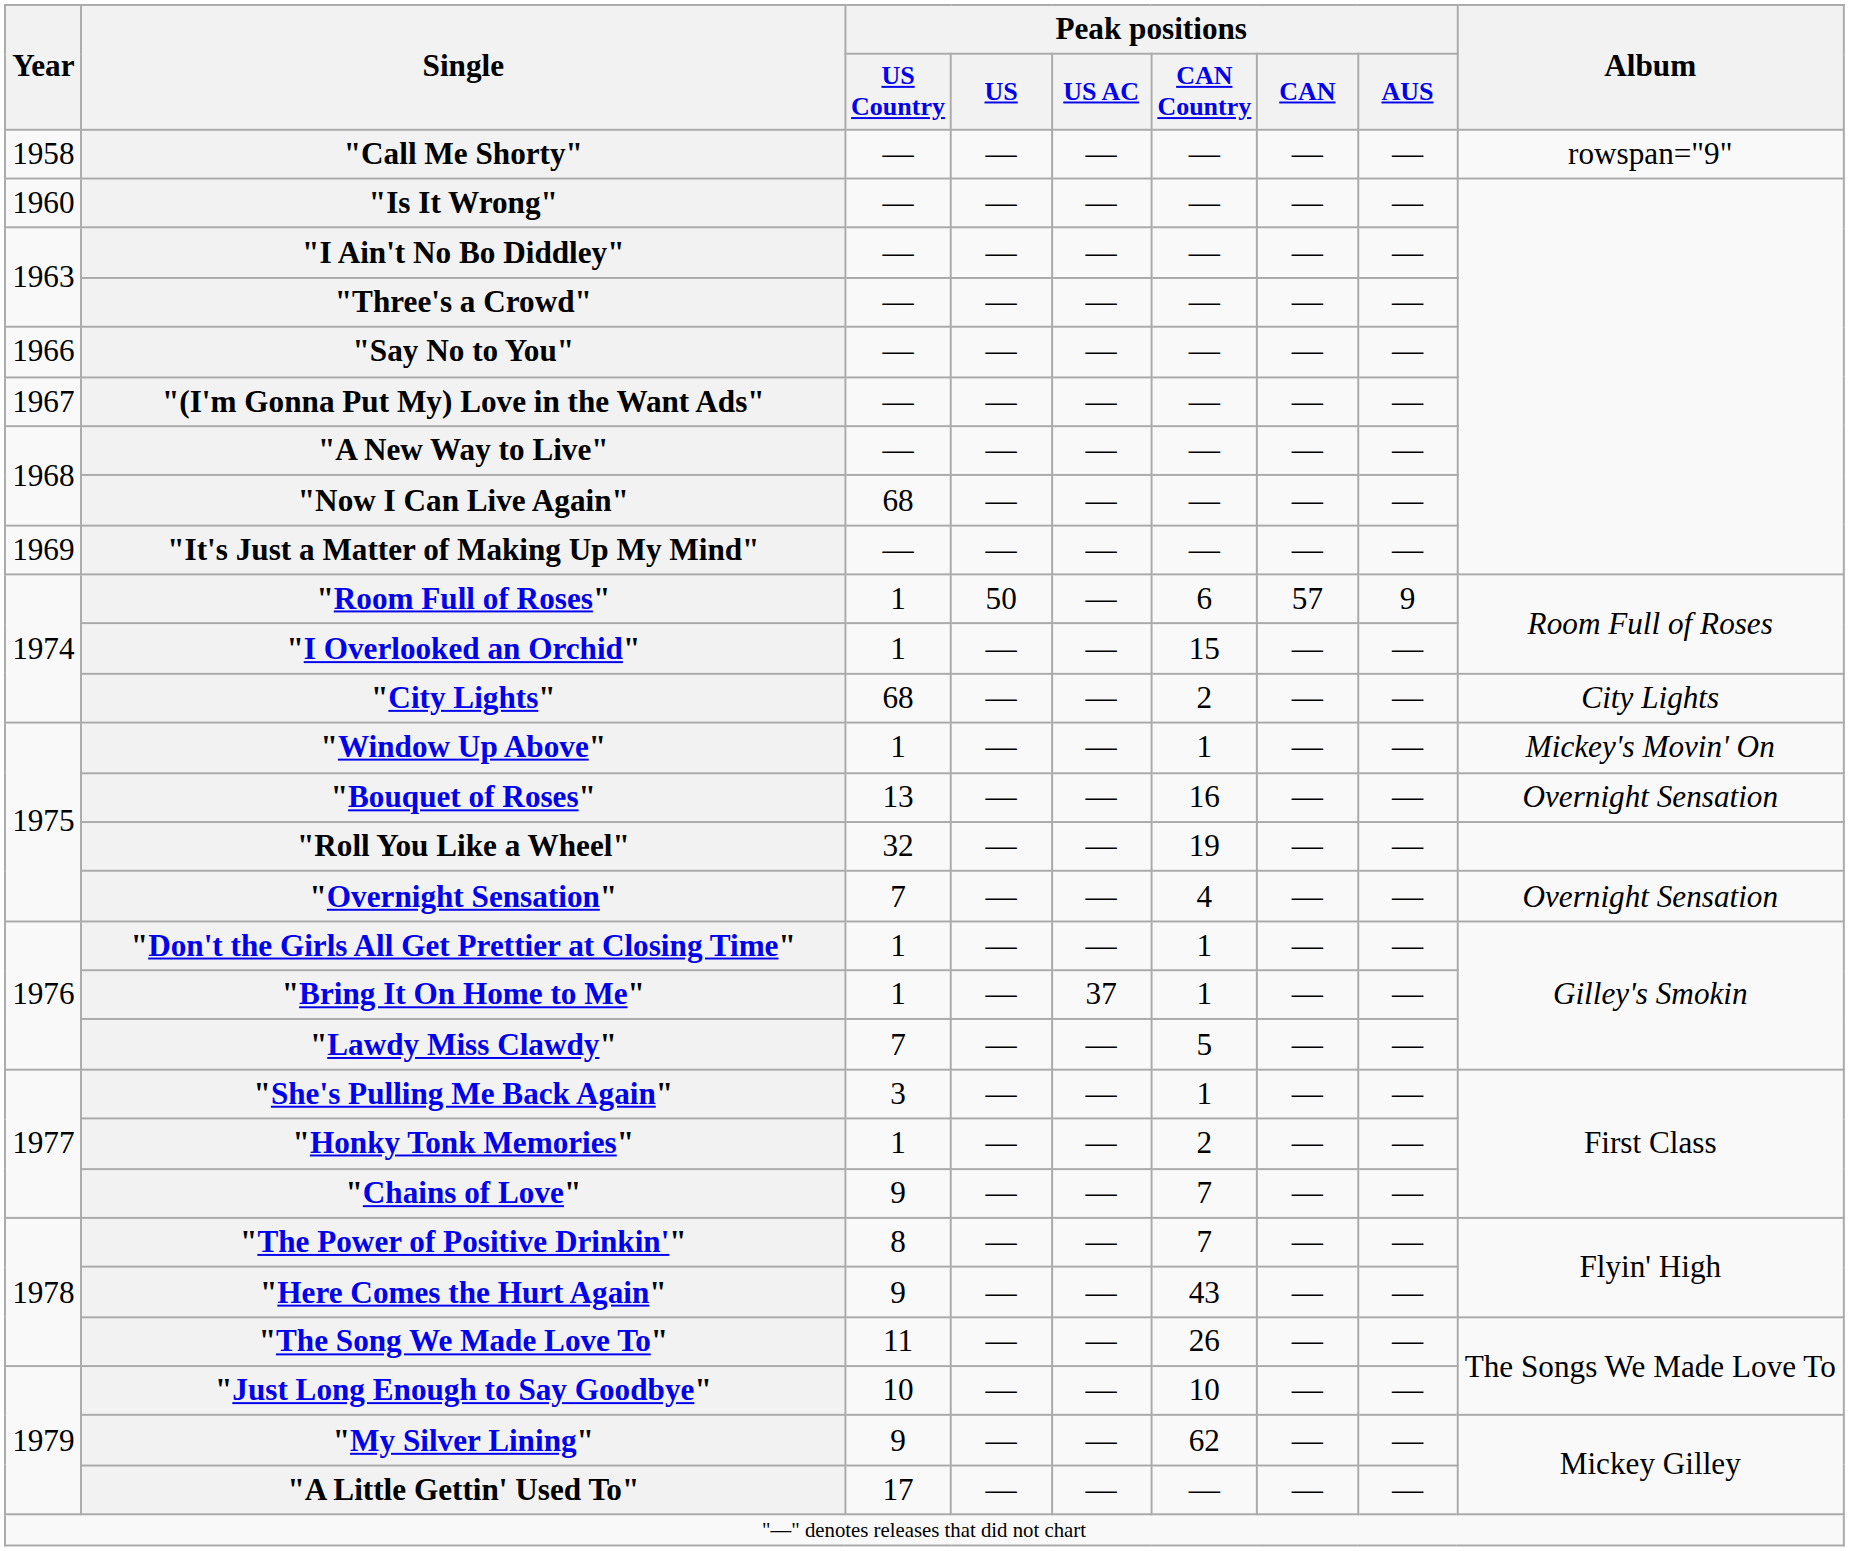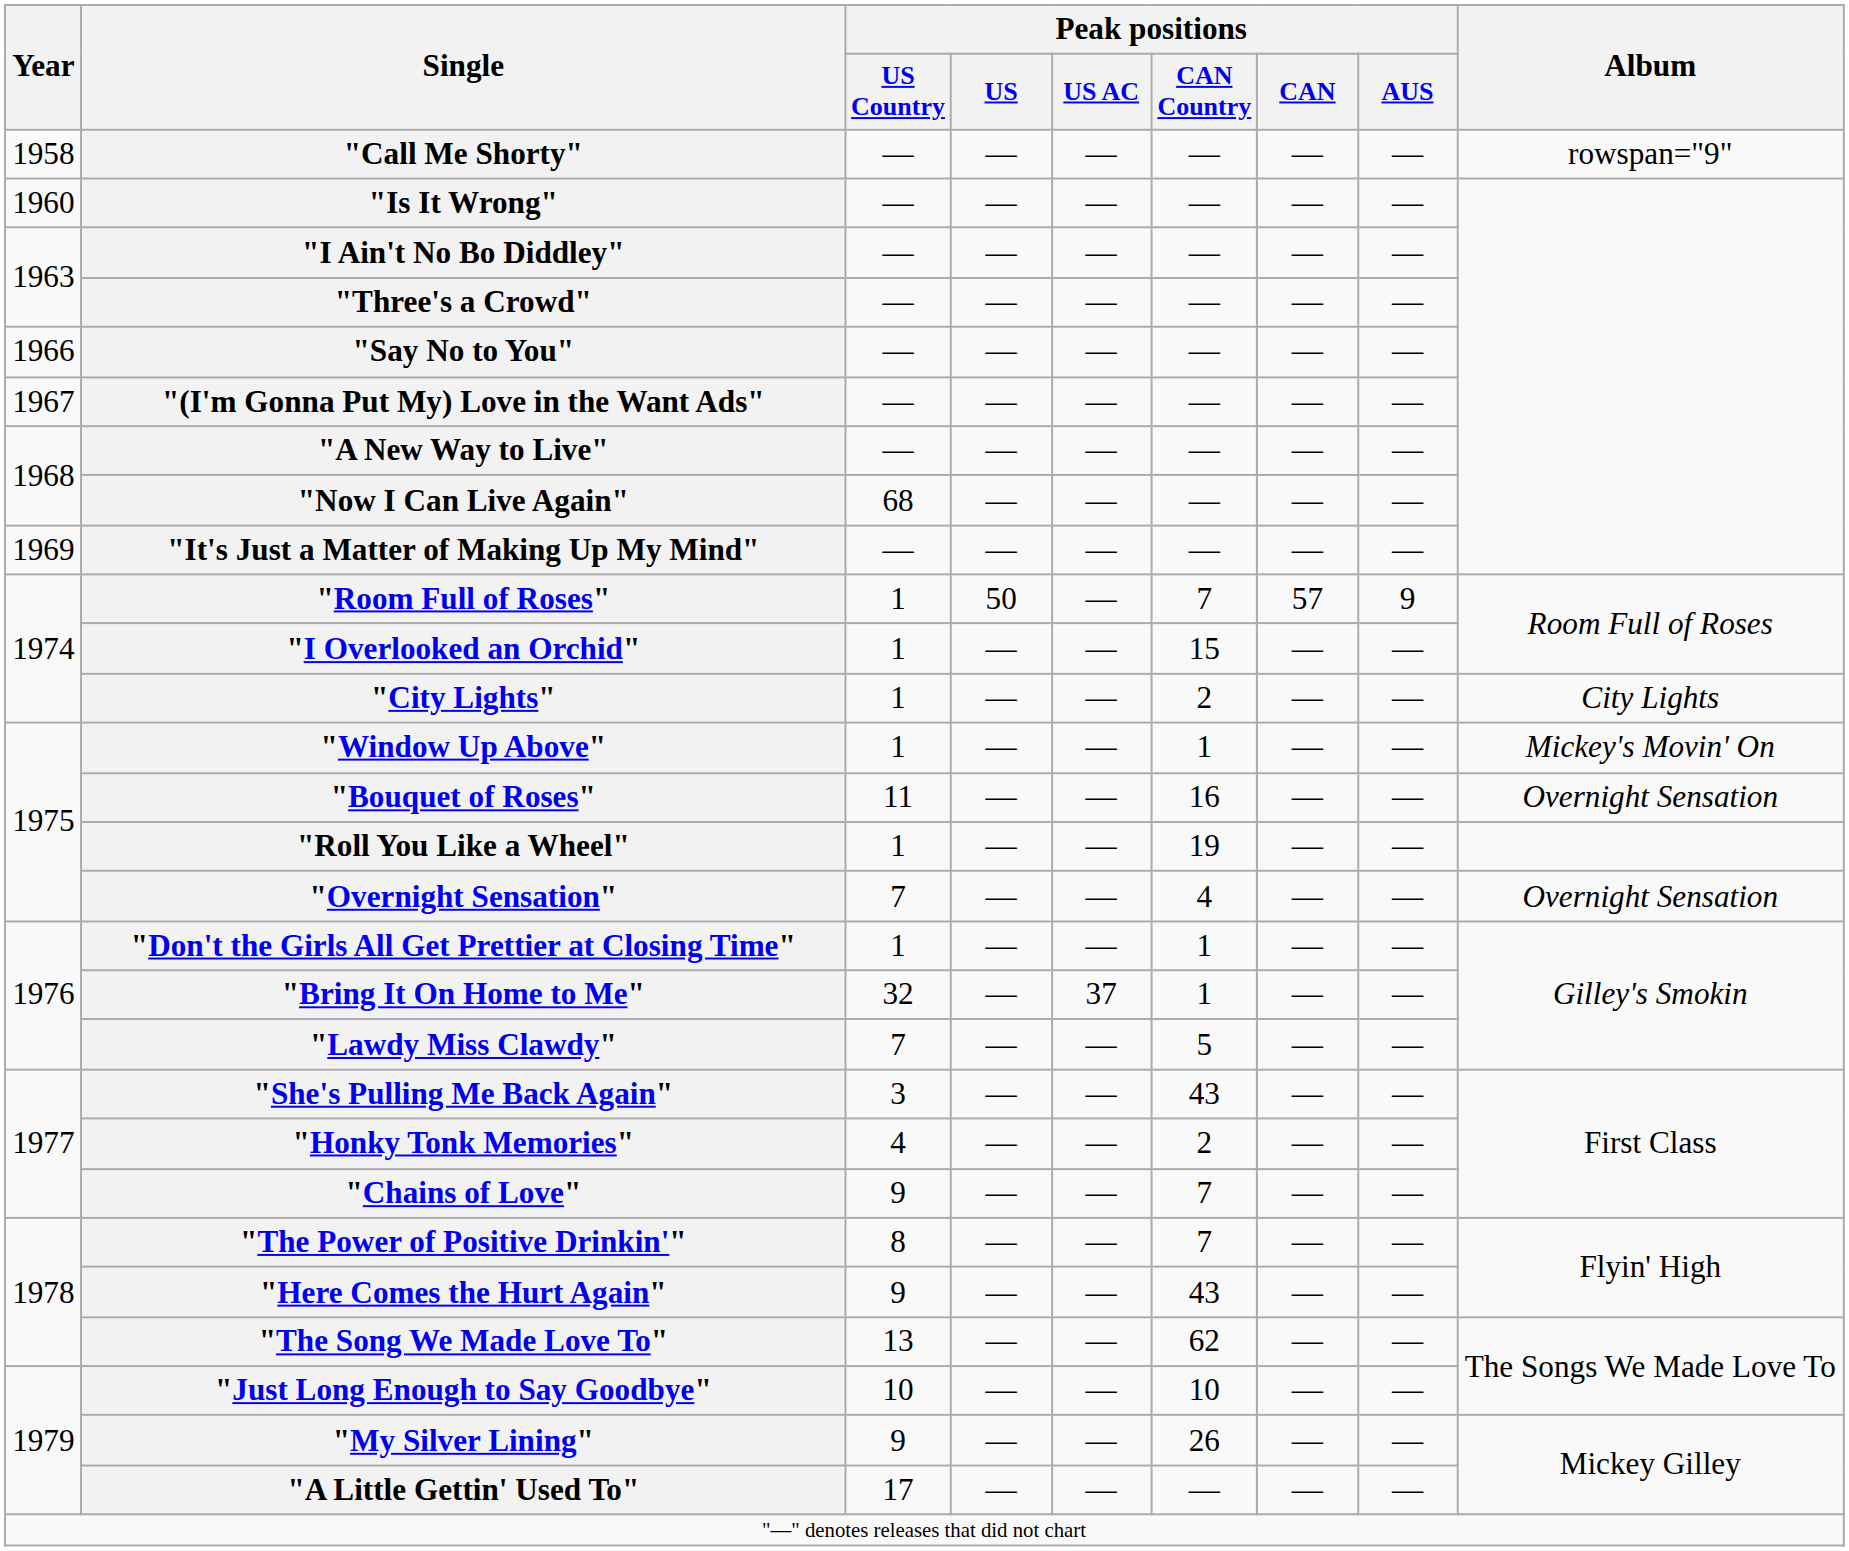 <table class="wikitable plainrowheaders" style="text-align:center;">
 <tr>
 <th rowspan="2">Year</th>
 <th rowspan="2" style="width:24em;">Single</th>
 <th colspan="6">Peak positions</th>
 <th rowspan="2">Album</th>
 </tr>
 <tr style="font-size:smaller;">
 <th width="45"><a href='#'>US Country</a><br></th>
 <th width="45"><a href='#'>US</a><br></th>
 <th width="45"><a href='#'>US AC</a><br></th>
 <th width="45"><a href='#'>CAN Country</a><br></th>
 <th width="45"><a href='#'>CAN</a><br></th>
 <th width="45"><a href='#'>AUS</a><br></th>
 </tr>
 <tr>
 <td>1958</td>
 <th scope="row">"Call Me Shorty"</th>
 <td>—</td>
 <td>—</td>
 <td>—</td>
 <td>—</td>
 <td>—</td>
 <td>—</td>
 <td>rowspan="9" </td>
 </tr>
 <tr>
 <td>1960</td>
 <th scope="row">"Is It Wrong"</th>
 <td>—</td>
 <td>—</td>
 <td>—</td>
 <td>—</td>
 <td>—</td>
 <td>—</td>
 </tr>
 <tr>
 <td rowspan="2">1963</td>
 <th scope="row">"I Ain't No Bo Diddley"</th>
 <td>—</td>
 <td>—</td>
 <td>—</td>
 <td>—</td>
 <td>—</td>
 <td>—</td>
 </tr>
 <tr>
 <th scope="row">"Three's a Crowd"</th>
 <td>—</td>
 <td>—</td>
 <td>—</td>
 <td>—</td>
 <td>—</td>
 <td>—</td>
 </tr>
 <tr>
 <td>1966</td>
 <th scope="row">"Say No to You"</th>
 <td>—</td>
 <td>—</td>
 <td>—</td>
 <td>—</td>
 <td>—</td>
 <td>—</td>
 </tr>
 <tr>
 <td>1967</td>
 <th scope="row">"(I'm Gonna Put My) Love in the Want Ads"</th>
 <td>—</td>
 <td>—</td>
 <td>—</td>
 <td>—</td>
 <td>—</td>
 <td>—</td>
 </tr>
 <tr>
 <td rowspan="2">1968</td>
 <th scope="row">"A New Way to Live"</th>
 <td>—</td>
 <td>—</td>
 <td>—</td>
 <td>—</td>
 <td>—</td>
 <td>—</td>
 </tr>
 <tr>
 <th scope="row">"Now I Can Live Again"</th>
 <td>68</td>
 <td>—</td>
 <td>—</td>
 <td>—</td>
 <td>—</td>
 <td>—</td>
 </tr>
 <tr>
 <td>1969</td>
 <th scope="row">"It's Just a Matter of Making Up My Mind"</th>
 <td>—</td>
 <td>—</td>
 <td>—</td>
 <td>—</td>
 <td>—</td>
 <td>—</td>
 </tr>
 <tr>
 <td rowspan="3">1974</td>
 <th scope="row">"<a href='#'>Room Full of Roses</a>"</th>
 <td>1</td>
 <td>50</td>
 <td>—</td>
-<td>6</td>
+<td>7</td>
 <td>57</td>
 <td>9</td>
 <td rowspan="2"><em>Room Full of Roses</em></td>
 </tr>
 <tr>
 <th scope="row">"<a href='#'>I Overlooked an Orchid</a>"</th>
 <td>1</td>
 <td>—</td>
 <td>—</td>
 <td>15</td>
 <td>—</td>
 <td>—</td>
 </tr>
 <tr>
 <th scope="row">"<a href='#'>City Lights</a>"</th>
-<td>68</td>
+<td>1</td>
 <td>—</td>
 <td>—</td>
 <td>2</td>
 <td>—</td>
 <td>—</td>
 <td><em>City Lights</em></td>
 </tr>
 <tr>
 <td rowspan="4">1975</td>
 <th scope="row">"<a href='#'>Window Up Above</a>"</th>
 <td>1</td>
 <td>—</td>
 <td>—</td>
 <td>1</td>
 <td>—</td>
 <td>—</td>
 <td><em>Mickey's Movin' On</em></td>
 </tr>
 <tr>
 <th scope="row">"<a href='#'>Bouquet of Roses</a>"</th>
-<td>13</td>
+<td>11</td>
 <td>—</td>
 <td>—</td>
 <td>16</td>
 <td>—</td>
 <td>—</td>
 <td><em>Overnight Sensation</em></td>
 </tr>
 <tr>
 <th scope="row">"Roll You Like a Wheel" </th>
-<td>32</td>
+<td>1</td>
 <td>—</td>
 <td>—</td>
 <td>19</td>
 <td>—</td>
 <td>—</td>
 <td></td>
 </tr>
 <tr>
 <th scope="row">"<a href='#'>Overnight Sensation</a>"</th>
 <td>7</td>
 <td>—</td>
 <td>—</td>
 <td>4</td>
 <td>—</td>
 <td>—</td>
 <td><em>Overnight Sensation</em></td>
 </tr>
 <tr>
 <td rowspan="3">1976</td>
 <th scope="row">"<a href='#'>Don't the Girls All Get Prettier at Closing Time</a>"</th>
 <td>1</td>
 <td>—</td>
 <td>—</td>
 <td>1</td>
 <td>—</td>
 <td>—</td>
 <td rowspan="3"><em>Gilley's Smokin<strong></td>
 </tr>
 <tr>
 <th scope="row">"<a href='#'>Bring It On Home to Me</a>"</th>
-<td>1</td>
+<td>32</td>
 <td>—</td>
 <td>37</td>
 <td>1</td>
 <td>—</td>
 <td>—</td>
 </tr>
 <tr>
 <th scope="row">"<a href='#'>Lawdy Miss Clawdy</a>"</th>
 <td>7</td>
 <td>—</td>
 <td>—</td>
 <td>5</td>
 <td>—</td>
 <td>—</td>
 </tr>
 <tr>
 <td rowspan="3">1977</td>
 <th scope="row">"<a href='#'>She's Pulling Me Back Again</a>"</th>
 <td>3</td>
 <td>—</td>
 <td>—</td>
-<td>1</td>
+<td>43</td>
 <td>—</td>
 <td>—</td>
 <td rowspan="3"></em>First Class<em></td>
 </tr>
 <tr>
 <th scope="row">"<a href='#'>Honky Tonk Memories</a>"</th>
-<td>1</td>
+<td>4</td>
 <td>—</td>
 <td>—</td>
 <td>2</td>
 <td>—</td>
 <td>—</td>
 </tr>
 <tr>
 <th scope="row">"<a href='#'>Chains of Love</a>"</th>
 <td>9</td>
 <td>—</td>
 <td>—</td>
 <td>7</td>
 <td>—</td>
 <td>—</td>
 </tr>
 <tr>
 <td rowspan="3">1978</td>
 <th scope="row">"<a href='#'>The Power of Positive Drinkin'</a>"</th>
 <td>8</td>
 <td>—</td>
 <td>—</td>
 <td>7</td>
 <td>—</td>
 <td>—</td>
 <td rowspan="2"></em>Flyin' High<em></td>
 </tr>
 <tr>
 <th scope="row">"<a href='#'>Here Comes the Hurt Again</a>"</th>
 <td>9</td>
 <td>—</td>
 <td>—</td>
 <td>43</td>
 <td>—</td>
 <td>—</td>
 </tr>
 <tr>
 <th scope="row">"<a href='#'>The Song We Made Love To</a>"</th>
-<td>11</td>
+<td>13</td>
 <td>—</td>
 <td>—</td>
-<td>26</td>
+<td>62</td>
 <td>—</td>
 <td>—</td>
 <td rowspan="2"></em>The Songs We Made Love To<em></td>
 </tr>
 <tr>
 <td rowspan="3">1979</td>
 <th scope="row">"<a href='#'>Just Long Enough to Say Goodbye</a>"</th>
 <td>10</td>
 <td>—</td>
 <td>—</td>
 <td>10</td>
 <td>—</td>
 <td>—</td>
 </tr>
 <tr>
 <th scope="row">"<a href='#'>My Silver Lining</a>"</th>
 <td>9</td>
 <td>—</td>
 <td>—</td>
-<td>62</td>
+<td>26</td>
 <td>—</td>
 <td>—</td>
 <td rowspan="2"></em>Mickey Gilley<em></td>
 </tr>
 <tr>
 <th scope="row">"A Little Gettin' Used To"</th>
 <td>17</td>
 <td>—</td>
 <td>—</td>
 <td>—</td>
 <td>—</td>
 <td>—</td>
 </tr>
 <tr>
 <td colspan="9" style="font-size:8pt">"—" denotes releases that did not chart</td>
 </tr>
 </table>
